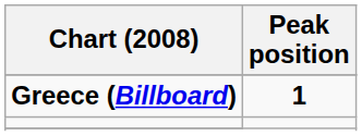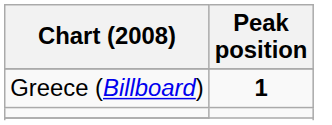 <table class="wikitable sortable">
 <tr>
 <th>Chart (2008)</th>
 <th>Peak<br>position</th>
 </tr>
 <tr>
 </tr>
 <tr>
 </tr>
 <tr>
 </tr>
 <tr>
-<td><strong>Greece (<em><a href='#'>Billboard</a></em>)</strong></td>
+<td>Greece (<em><a href='#'>Billboard</a></em>)</td>
 <td align=center><strong>1</strong></td>
 </tr>
 <tr>
 <td></td>
 </tr>
 <tr>
 </tr>
 <tr>
 </tr>
 <tr>
 </tr>
 </table>
